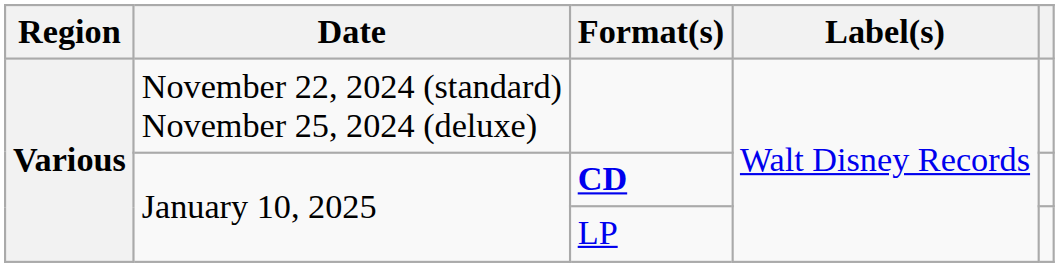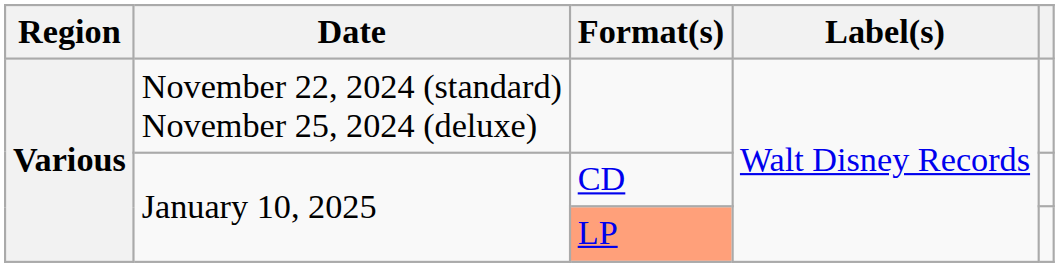 <table class="wikitable plainrowheaders">
 <tr>
 <th scope="col">Region</th>
 <th scope="col">Date</th>
 <th scope="col">Format(s)</th>
 <th scope="col">Label(s)</th>
 <th scope="col"></th>
 </tr>
 <tr>
 <th scope="row" rowspan="3">Various</th>
 <td>November 22, 2024 (standard)<br>November 25, 2024 (deluxe)</td>
 <td></td>
 <td rowspan="3"><a href='#'>Walt Disney Records</a></td>
 <td align="center"><br></td>
 </tr>
 <tr>
 <td rowspan="2">January 10, 2025</td>
-<td><strong><a href='#'>CD</a></strong></td>
+<td><a href='#'>CD</a></td>
 <td align="center"></td>
 </tr>
 <tr>
-<td><a href='#'>LP</a></td>
+<td style="background: lightsalmon;"><a href='#'>LP</a></td>
 <td align="center"></td>
 </tr>
 </table>
